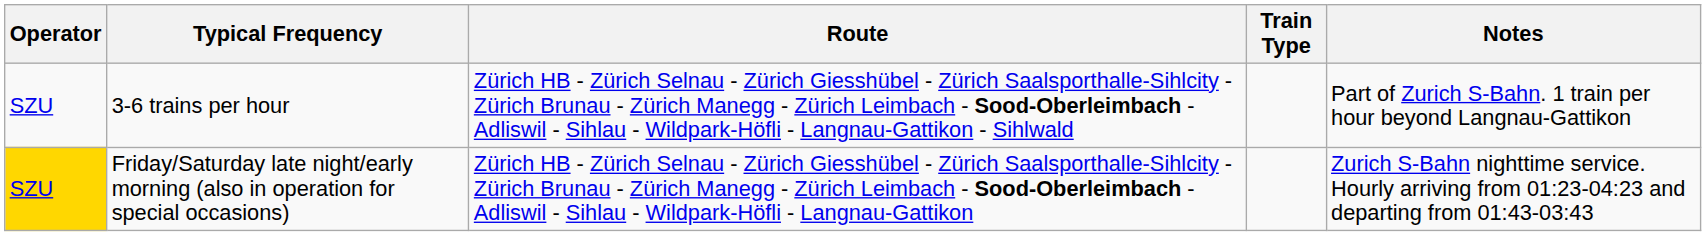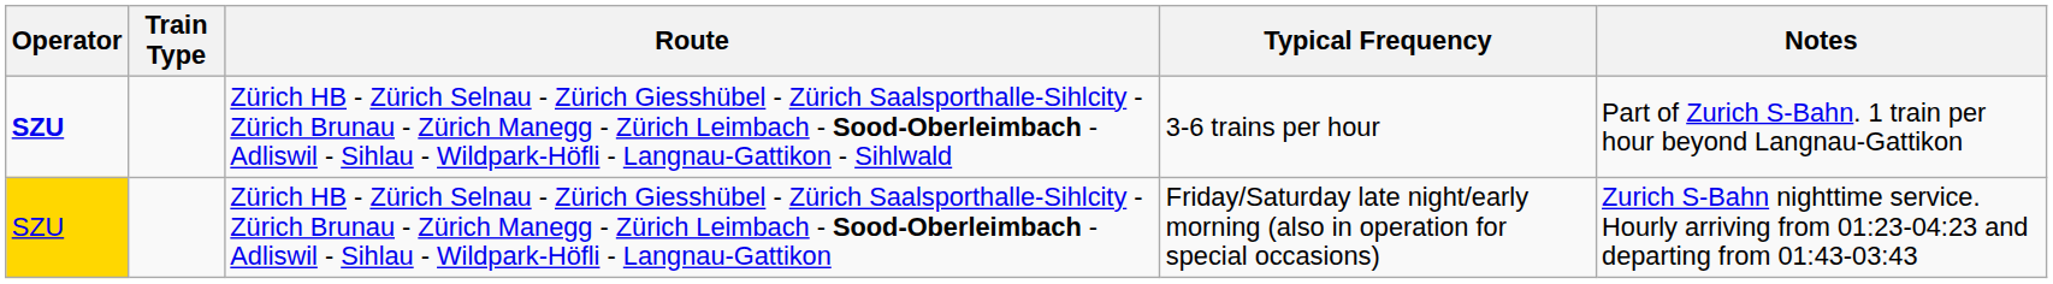 <table class="wikitable vatop">
 <tr>
 <th>Operator</th>
+<th>Train Type</th>
+<th>Route</th>
 <th>Typical Frequency</th>
-<th>Route</th>
-<th>Train Type</th>
 <th>Notes</th>
 </tr>
 <tr>
-<td><a href='#'>SZU</a></td>
+<td><strong><a href='#'>SZU</a></strong></td>
+<td></td>
+<td><a href='#'>Zürich HB</a> - <a href='#'>Zürich Selnau</a> - <a href='#'>Zürich Giesshübel</a> - <a href='#'>Zürich Saalsporthalle-Sihlcity</a> - <a href='#'>Zürich Brunau</a> - <a href='#'>Zürich Manegg</a> - <a href='#'>Zürich Leimbach</a> - <strong>Sood-Oberleimbach</strong> - <a href='#'>Adliswil</a> - <a href='#'>Sihlau</a> - <a href='#'>Wildpark-Höfli</a> - <a href='#'>Langnau-Gattikon</a> - <a href='#'>Sihlwald</a></td>
 <td>3-6 trains per hour</td>
-<td><a href='#'>Zürich HB</a> - <a href='#'>Zürich Selnau</a> - <a href='#'>Zürich Giesshübel</a> - <a href='#'>Zürich Saalsporthalle-Sihlcity</a> - <a href='#'>Zürich Brunau</a> - <a href='#'>Zürich Manegg</a> - <a href='#'>Zürich Leimbach</a> - <strong>Sood-Oberleimbach</strong> - <a href='#'>Adliswil</a> - <a href='#'>Sihlau</a> - <a href='#'>Wildpark-Höfli</a> - <a href='#'>Langnau-Gattikon</a> - <a href='#'>Sihlwald</a></td>
-<td></td>
 <td>Part of <a href='#'>Zurich S-Bahn</a>. 1 train per hour beyond Langnau-Gattikon</td>
 </tr>
 <tr>
 <td style="background: gold;"><a href='#'>SZU</a></td>
+<td></td>
+<td><a href='#'>Zürich HB</a> - <a href='#'>Zürich Selnau</a> - <a href='#'>Zürich Giesshübel</a> - <a href='#'>Zürich Saalsporthalle-Sihlcity</a> - <a href='#'>Zürich Brunau</a> - <a href='#'>Zürich Manegg</a> - <a href='#'>Zürich Leimbach</a> - <strong>Sood-Oberleimbach</strong> - <a href='#'>Adliswil</a> - <a href='#'>Sihlau</a> - <a href='#'>Wildpark-Höfli</a> - <a href='#'>Langnau-Gattikon</a></td>
 <td>Friday/Saturday late night/early morning (also in operation for special occasions)</td>
-<td><a href='#'>Zürich HB</a> - <a href='#'>Zürich Selnau</a> - <a href='#'>Zürich Giesshübel</a> - <a href='#'>Zürich Saalsporthalle-Sihlcity</a> - <a href='#'>Zürich Brunau</a> - <a href='#'>Zürich Manegg</a> - <a href='#'>Zürich Leimbach</a> - <strong>Sood-Oberleimbach</strong> - <a href='#'>Adliswil</a> - <a href='#'>Sihlau</a> - <a href='#'>Wildpark-Höfli</a> - <a href='#'>Langnau-Gattikon</a></td>
-<td></td>
 <td><a href='#'>Zurich S-Bahn</a> nighttime service. Hourly arriving from 01:23-04:23 and departing from 01:43-03:43</td>
 </tr>
 </table>
